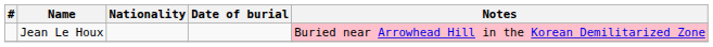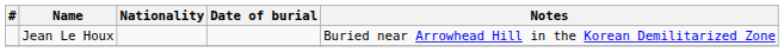 <table class="wikitable sortable">
 <tr>
 <th>#</th>
 <th>Name</th>
 <th>Nationality</th>
 <th>Date of burial</th>
 <th>Notes</th>
 </tr>
 <tr>
 <td></td>
 <td>Jean Le Houx</td>
 <td></td>
 <td></td>
-<td style="background: pink;">Buried near <a href='#'>Arrowhead Hill</a> in the <a href='#'>Korean Demilitarized Zone</a></td>
+<td>Buried near <a href='#'>Arrowhead Hill</a> in the <a href='#'>Korean Demilitarized Zone</a></td>
 </tr>
 <tr>
 </tr>
 </table>
